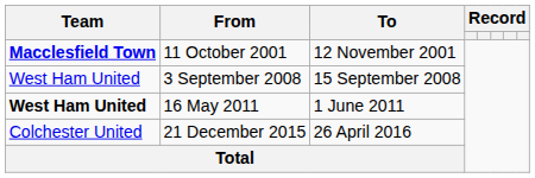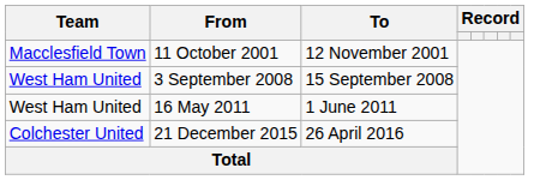 <table class=wikitable style="text-align: center">
 <tr>
 <th rowspan=2>Team</th>
 <th rowspan=2>From</th>
 <th rowspan=2>To</th>
 <th colspan=5>Record</th>
 </tr>
 <tr>
 <th></th>
 <th></th>
 <th></th>
 <th></th>
 <th></th>
 </tr>
 <tr>
-<td align=left><strong><a href='#'>Macclesfield Town</a></strong></td>
+<td align=left><a href='#'>Macclesfield Town</a></td>
 <td align=left>11 October 2001</td>
 <td align=left>12 November 2001<br></td>
 </tr>
 <tr>
 <td align=left><a href='#'>West Ham United</a></td>
 <td align=left>3 September 2008</td>
 <td align=left>15 September 2008<br></td>
 </tr>
 <tr>
-<td align=left><strong>West Ham United</strong></td>
+<td align=left>West Ham United</td>
 <td align=left>16 May 2011</td>
 <td align=left>1 June 2011<br></td>
 </tr>
 <tr>
 <td align=left><a href='#'>Colchester United</a></td>
 <td align=left>21 December 2015</td>
 <td align=left>26 April 2016<br></td>
 </tr>
 <tr>
 <th colspan=3>Total<br></th>
 </tr>
 </table>
